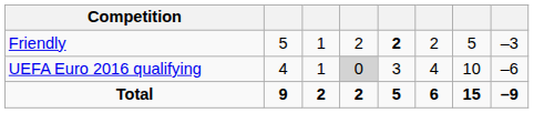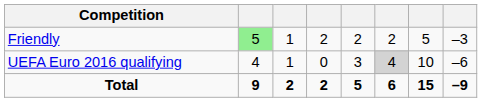 <table class="wikitable" style="text-align: center;">
 <tr>
 <th width=250>Competition</th>
 <th width=30></th>
 <th width=30></th>
 <th width=30></th>
 <th width=30></th>
 <th width=30></th>
 <th width=30></th>
 <th width=30></th>
 </tr>
 <tr>
 <td align=left><a href='#'>Friendly</a></td>
-<td>5</td>
+<td style="background: lightgreen;">5</td>
 <td>1</td>
 <td>2</td>
-<td><strong>2</strong></td>
+<td>2</td>
 <td>2</td>
 <td>5</td>
 <td>–3</td>
 </tr>
 <tr>
 <td align=left><a href='#'>UEFA Euro 2016 qualifying</a></td>
 <td>4</td>
 <td>1</td>
-<td style="background: lightgrey;">0</td>
+<td>0</td>
 <td>3</td>
-<td>4</td>
+<td style="background: lightgrey;">4</td>
 <td>10</td>
 <td>–6</td>
 </tr>
 <tr>
 <td><strong>Total</strong></td>
 <td><strong>9</strong></td>
 <td><strong>2</strong></td>
 <td><strong>2</strong></td>
 <td><strong>5</strong></td>
 <td><strong>6</strong></td>
 <td><strong>15</strong></td>
 <td><strong>–9</strong></td>
 </tr>
 </table>
